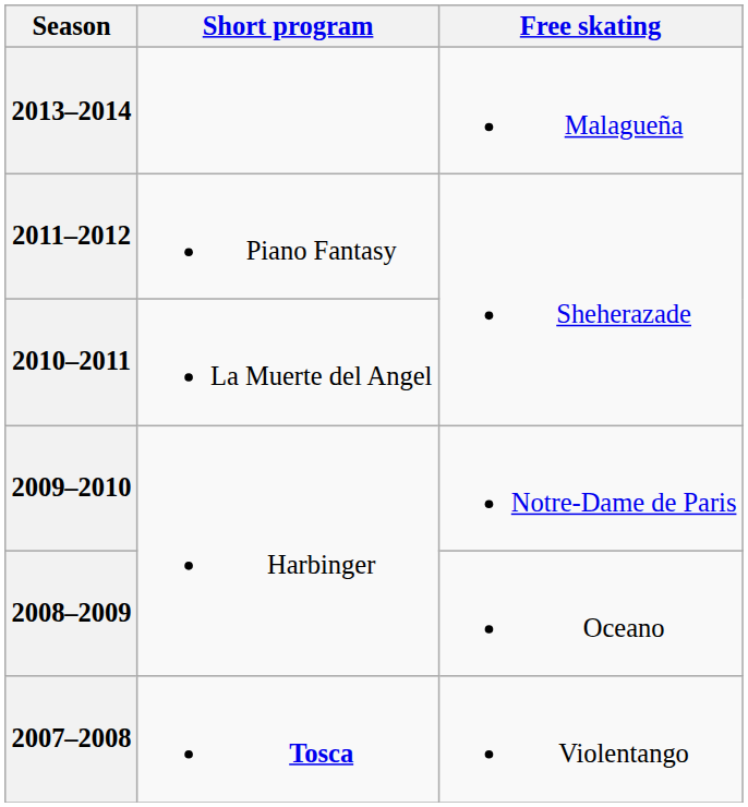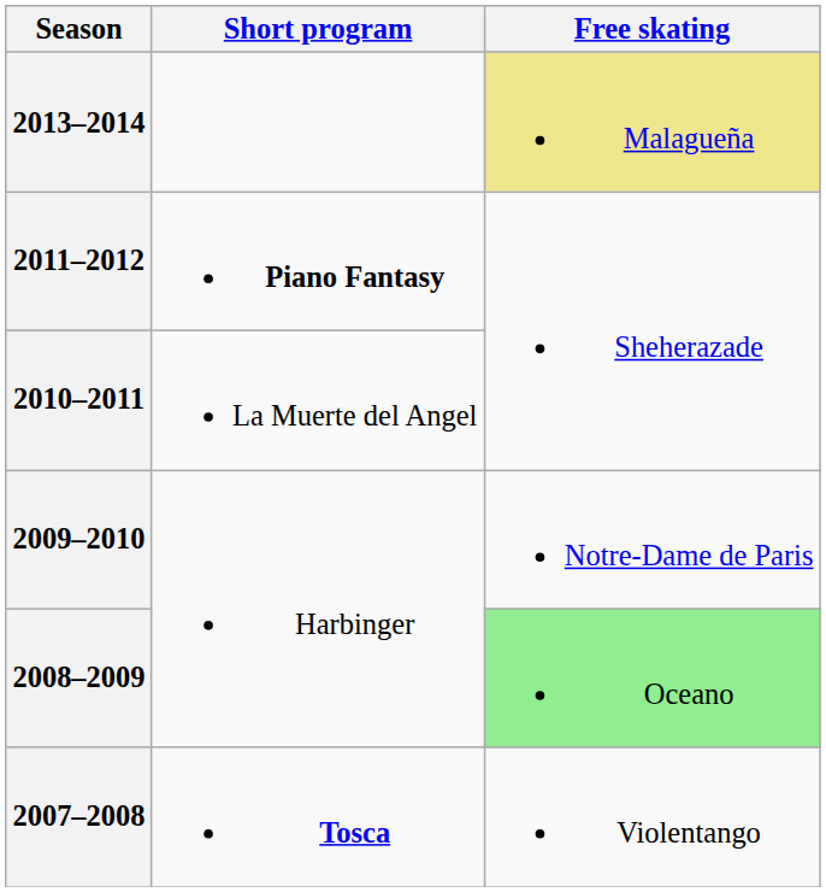 <table class="wikitable" style="text-align:center">
 <tr>
 <th>Season</th>
 <th><a href='#'>Short program</a></th>
 <th><a href='#'>Free skating</a></th>
 </tr>
 <tr>
 <th>2013–2014</th>
 <td></td>
-<td><br><ul><li><a href='#'>Malagueña</a> <br></li></ul></td>
+<td style="background: khaki;"><br><ul><li><a href='#'>Malagueña</a> <br></li></ul></td>
 </tr>
 <tr>
 <th>2011–2012 <br> </th>
-<td><br><ul><li>Piano Fantasy <br></li></ul></td>
+<td><strong><br><ul><li>Piano Fantasy <br></li></ul></strong></td>
 <td rowspan=2><br><ul><li><a href='#'>Sheherazade</a> <br></li></ul></td>
 </tr>
 <tr>
 <th>2010–2011 <br> </th>
 <td><br><ul><li>La Muerte del Angel <br></li></ul></td>
 </tr>
 <tr>
 <th>2009–2010 <br> </th>
 <td rowspan=2><br><ul><li>Harbinger <br></li></ul></td>
 <td><br><ul><li><a href='#'>Notre-Dame de Paris</a> <br></li></ul></td>
 </tr>
 <tr>
 <th>2008–2009 <br> </th>
-<td><br><ul><li>Oceano <br></li></ul></td>
+<td style="background: lightgreen;"><br><ul><li>Oceano <br></li></ul></td>
 </tr>
 <tr>
 <th>2007–2008 <br> </th>
 <td><strong><br><ul><li><a href='#'>Tosca</a> <br></li></ul></strong></td>
 <td><br><ul><li>Violentango <br></li></ul></td>
 </tr>
 </table>
